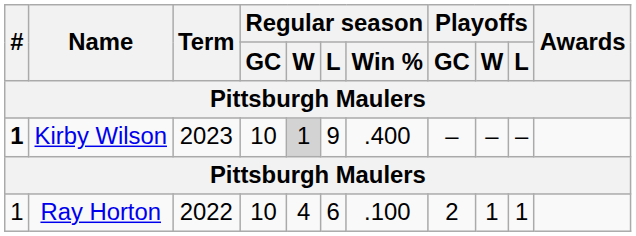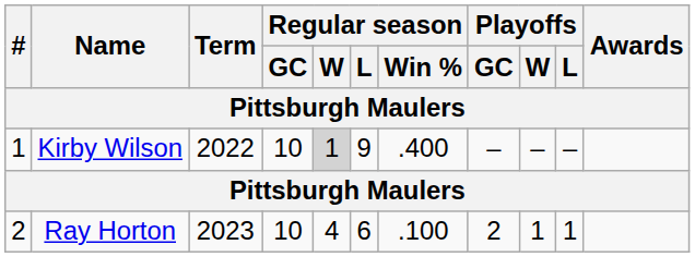 <table class="wikitable" style="text-align:center">
 <tr>
 <th rowspan="2">#</th>
 <th rowspan="2">Name</th>
 <th rowspan="2">Term</th>
 <th colspan="4">Regular season</th>
 <th colspan="3">Playoffs</th>
 <th rowspan="2">Awards</th>
 </tr>
 <tr>
 <th>GC</th>
 <th>W</th>
 <th>L</th>
 <th>Win %</th>
 <th>GC</th>
 <th>W</th>
 <th>L</th>
 </tr>
 <tr>
 <th colspan="11">Pittsburgh Maulers</th>
 </tr>
 <tr>
-<td><strong>1</strong></td>
+<td>1</td>
 <td><a href='#'>Kirby Wilson</a></td>
-<td>2023</td>
+<td>2022</td>
 <td>10</td>
 <td style="background: lightgrey;">1</td>
 <td>9</td>
 <td>.400</td>
 <td>–</td>
 <td>–</td>
 <td>–</td>
 <td></td>
 </tr>
 <tr>
 <th colspan="11">Pittsburgh Maulers</th>
 </tr>
 <tr>
-<td>1</td>
+<td>2</td>
 <td><a href='#'>Ray Horton</a></td>
-<td>2022</td>
+<td>2023</td>
 <td>10</td>
 <td>4</td>
 <td>6</td>
 <td>.100</td>
 <td>2</td>
 <td>1</td>
 <td>1</td>
 <td></td>
 </tr>
 </table>
